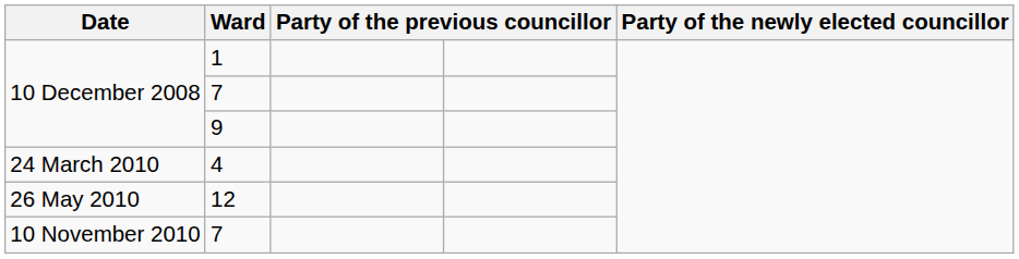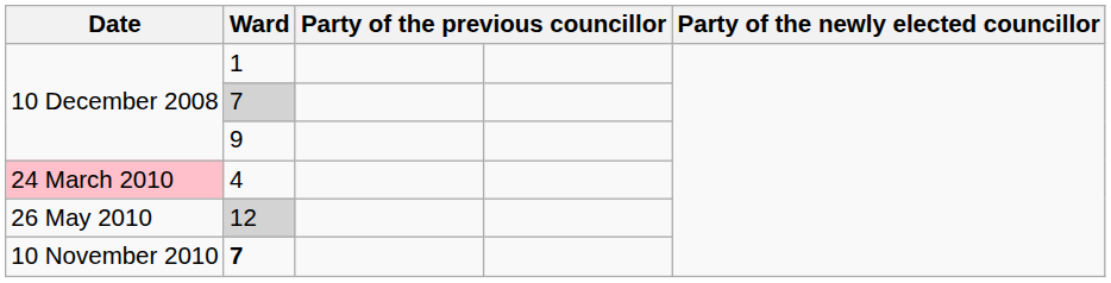 <table class="wikitable">
 <tr>
 <th>Date</th>
 <th>Ward</th>
 <th colspan=2>Party of the previous councillor</th>
 <th colspan=2>Party of the newly elected councillor</th>
 </tr>
 <tr>
 <td rowspan=3>10 December 2008</td>
 <td>1</td>
 <td></td>
 <td></td>
 </tr>
 <tr>
-<td>7</td>
+<td style="background: lightgrey;">7</td>
 <td></td>
 <td></td>
 </tr>
 <tr>
 <td>9</td>
 <td></td>
 <td></td>
 </tr>
 <tr>
-<td>24 March 2010</td>
+<td style="background: pink;">24 March 2010</td>
 <td>4</td>
 <td></td>
 <td></td>
 </tr>
 <tr>
 <td>26 May 2010</td>
-<td>12</td>
+<td style="background: lightgrey;">12</td>
 <td></td>
 <td></td>
 </tr>
 <tr>
 <td>10 November 2010</td>
-<td>7</td>
+<td><strong>7</strong></td>
 <td></td>
 <td></td>
 </tr>
 </table>
